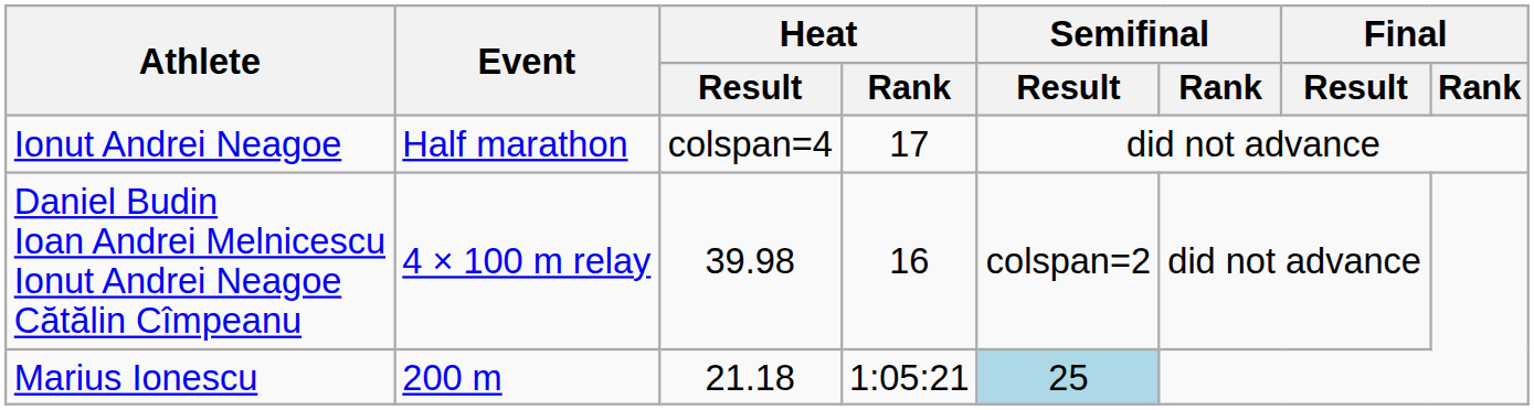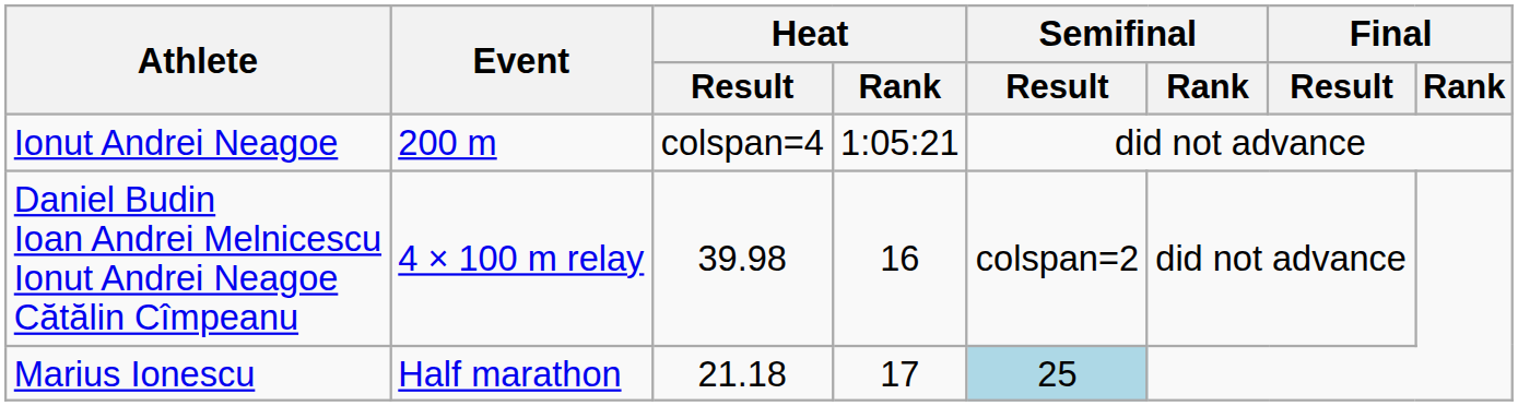 <table class=wikitable style="font-size:90%">
 <tr>
 <th rowspan=2>Athlete</th>
 <th rowspan=2>Event</th>
 <th colspan=2>Heat</th>
 <th colspan=2>Semifinal</th>
 <th colspan=2>Final</th>
 </tr>
 <tr style="font-size:95%">
 <th>Result</th>
 <th>Rank</th>
 <th>Result</th>
 <th>Rank</th>
 <th>Result</th>
 <th>Rank</th>
 </tr>
 <tr align=center>
 <td align=left><a href='#'>Ionut Andrei Neagoe</a></td>
-<td align=left><a href='#'>Half marathon</a></td>
+<td align=left><a href='#'>200 m</a></td>
 <td>colspan=4 </td>
-<td>17</td>
+<td>1:05:21</td>
 <td colspan=4>did not advance</td>
 </tr>
 <tr align=center>
 <td align=left><a href='#'>Daniel Budin</a><br><a href='#'>Ioan Andrei Melnicescu</a><br><a href='#'>Ionut Andrei Neagoe</a><br><a href='#'>Cătălin Cîmpeanu</a></td>
 <td align=left><a href='#'>4 × 100 m relay</a></td>
 <td>39.98</td>
 <td>16</td>
 <td>colspan=2 </td>
 <td colspan=2>did not advance</td>
 </tr>
 <tr align=center>
 <td align=left><a href='#'>Marius Ionescu</a></td>
-<td align=left><a href='#'>200 m</a></td>
+<td align=left><a href='#'>Half marathon</a></td>
 <td>21.18</td>
-<td>1:05:21</td>
+<td>17</td>
 <td style="background: lightblue;">25</td>
 </tr>
 </table>
